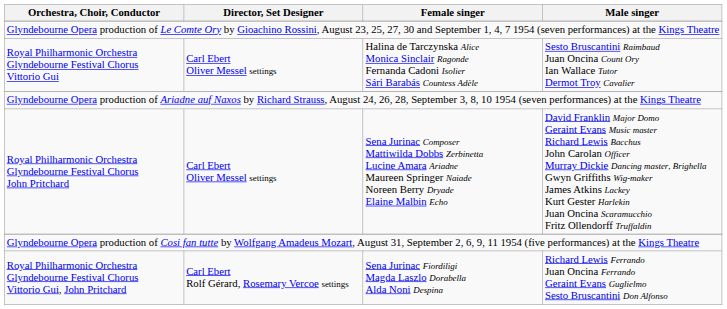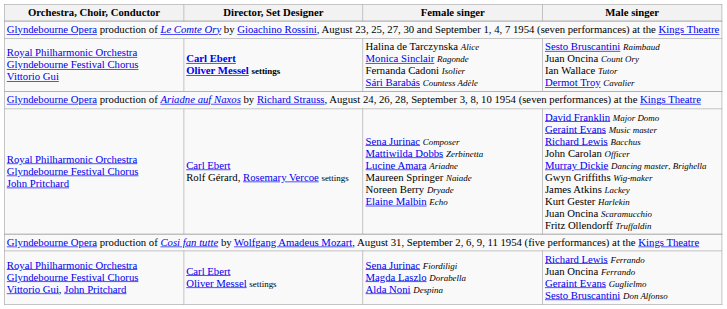 <table class="wikitable toptextcells">
 <tr class="hintergrundfarbe5">
 <th style="width:25%;">Orchestra, Choir, Conductor</th>
 <th style="width:25%;">Director, Set Designer</th>
 <th style="width:25%;">Female singer</th>
 <th style="width:25%;">Male singer</th>
 </tr>
 <tr>
 </tr>
 <tr class="hintergrundfarbe8">
 <td colspan="9"><a href='#'>Glyndebourne Opera</a> production of <em><a href='#'>Le Comte Ory</a></em> by <a href='#'>Gioachino Rossini</a>, August 23, 25, 27, 30 and September 1, 4, 7 1954 (seven performances) at the <a href='#'>Kings Theatre</a></td>
 </tr>
 <tr>
 <td><a href='#'>Royal Philharmonic Orchestra</a><br><a href='#'>Glyndebourne Festival Chorus</a><br><a href='#'>Vittorio Gui</a></td>
-<td><a href='#'>Carl Ebert</a><br><a href='#'>Oliver Messel</a> <small>settings</small></td>
+<td><strong><a href='#'>Carl Ebert</a><br><a href='#'>Oliver Messel</a> <small>settings</small></strong></td>
 <td>Halina de Tarczynska <small><em>Alice</em></small><br><a href='#'>Monica Sinclair</a> <small><em>Ragonde</em></small><br>Fernanda Cadoni <small><em>Isolier</em></small><br><a href='#'>Sári Barabás</a> <small><em>Countess Adèle</em></small></td>
 <td><a href='#'>Sesto Bruscantini</a> <small><em>Raimbaud</em></small><br>Juan Oncina <small><em>Count Ory</em></small><br>Ian Wallace <small><em>Tutor</em></small><br><a href='#'>Dermot Troy</a> <small><em>Cavalier</em></small></td>
 </tr>
 <tr>
 </tr>
 <tr class="hintergrundfarbe8">
 <td colspan="9"><a href='#'>Glyndebourne Opera</a> production of <em><a href='#'>Ariadne auf Naxos</a></em> by <a href='#'>Richard Strauss</a>, August 24, 26, 28, September 3, 8, 10 1954 (seven performances) at the <a href='#'>Kings Theatre</a></td>
 </tr>
 <tr>
 <td><a href='#'>Royal Philharmonic Orchestra</a><br><a href='#'>Glyndebourne Festival Chorus</a><br><a href='#'>John Pritchard</a></td>
-<td><a href='#'>Carl Ebert</a><br><a href='#'>Oliver Messel</a> <small>settings</small></td>
+<td><a href='#'>Carl Ebert</a><br>Rolf Gérard, <a href='#'>Rosemary Vercoe</a> <small>settings</small></td>
 <td><a href='#'>Sena Jurinac</a> <small><em>Composer</em></small><br><a href='#'>Mattiwilda Dobbs</a> <small><em>Zerbinetta</em></small><br><a href='#'>Lucine Amara</a> <small><em>Ariadne</em></small><br>Maureen Springer <small><em>Naiade</em></small><br>Noreen Berry <small><em>Dryade</em></small><br><a href='#'>Elaine Malbin</a> <small><em>Echo</em></small></td>
 <td><a href='#'>David Franklin</a> <small><em>Major Domo</em></small><br><a href='#'>Geraint Evans</a> <small><em>Music master</em></small><br><a href='#'>Richard Lewis</a> <small><em>Bacchus</em></small><br>John Carolan <small><em>Officer</em></small><br><a href='#'>Murray Dickie</a> <small><em>Dancing master</em>, <em>Brighella</em></small><br>Gwyn Griffiths <small><em>Wig-maker</em></small><br>James Atkins <small><em>Lackey</em></small><br>Kurt Gester <small><em>Harlekin</em></small><br>Juan Oncina <small><em>Scaramucchio</em></small><br>Fritz Ollendorff <small><em>Truffaldin</em></small></td>
 </tr>
 <tr>
 </tr>
 <tr class="hintergrundfarbe8">
 <td colspan="9"><a href='#'>Glyndebourne Opera</a> production of <em><a href='#'>Cosi fan tutte</a></em> by <a href='#'>Wolfgang Amadeus Mozart</a>, August 31, September 2, 6, 9, 11 1954 (five performances) at the <a href='#'>Kings Theatre</a></td>
 </tr>
 <tr>
 <td><a href='#'>Royal Philharmonic Orchestra</a><br><a href='#'>Glyndebourne Festival Chorus</a><br><a href='#'>Vittorio Gui</a>, <a href='#'>John Pritchard</a></td>
-<td><a href='#'>Carl Ebert</a><br>Rolf Gérard, <a href='#'>Rosemary Vercoe</a> <small>settings</small></td>
+<td><a href='#'>Carl Ebert</a><br><a href='#'>Oliver Messel</a> <small>settings</small></td>
 <td><a href='#'>Sena Jurinac</a> <small><em>Fiordiligi</em></small><br><a href='#'>Magda Laszlo</a> <small><em>Dorabella</em></small><br><a href='#'>Alda Noni</a> <small><em>Despina</em></small></td>
 <td><a href='#'>Richard Lewis</a> <small><em>Ferrando</em></small><br>Juan Oncina <small><em>Ferrando</em></small><br><a href='#'>Geraint Evans</a> <small><em>Guglielmo</em></small><br><a href='#'>Sesto Bruscantini</a> <small><em>Don Alfonso</em></small></td>
 </tr>
 </table>
